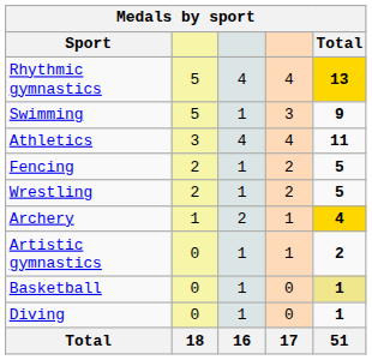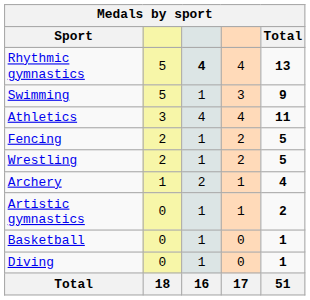 <table class="wikitable" style="font-size:90%; text-align:center;">
 <tr>
 <th colspan=5>Medals by sport</th>
 </tr>
 <tr>
 <th width=120>Sport</th>
 <th scope="col" width=30 style="background:#F7F6A8;"></th>
 <th scope="col" width=30 style="background:#DCE5E5;"></th>
 <th scope="col" width=30 style="background:#FFDAB9;"></th>
 <th width=30>Total</th>
 </tr>
 <tr>
 <td align=left><a href='#'>Rhythmic gymnastics</a></td>
 <td style="background:#F7F6A8;">5</td>
-<td style="background:#DCE5E5;">4</td>
+<td style="background:#DCE5E5;"><strong>4</strong></td>
 <td style="background:#FFDAB9;">4</td>
-<td style="background: gold;"><strong>13</strong></td>
+<td><strong>13</strong></td>
 </tr>
 <tr>
 <td align=left><a href='#'>Swimming</a></td>
 <td style="background:#F7F6A8;">5</td>
 <td style="background:#DCE5E5;">1</td>
 <td style="background:#FFDAB9;">3</td>
 <td><strong>9</strong></td>
 </tr>
 <tr>
 <td align=left><a href='#'>Athletics</a></td>
 <td style="background:#F7F6A8;">3</td>
 <td style="background:#DCE5E5;">4</td>
 <td style="background:#FFDAB9;">4</td>
 <td><strong>11</strong></td>
 </tr>
 <tr>
 <td align=left><a href='#'>Fencing</a></td>
 <td style="background:#F7F6A8;">2</td>
 <td style="background:#DCE5E5;">1</td>
 <td style="background:#FFDAB9;">2</td>
 <td><strong>5</strong></td>
 </tr>
 <tr>
 <td align=left><a href='#'>Wrestling</a></td>
 <td style="background:#F7F6A8;">2</td>
 <td style="background:#DCE5E5;">1</td>
 <td style="background:#FFDAB9;">2</td>
 <td><strong>5</strong></td>
 </tr>
 <tr>
 <td align=left><a href='#'>Archery</a></td>
 <td style="background:#F7F6A8;">1</td>
 <td style="background:#DCE5E5;">2</td>
 <td style="background:#FFDAB9;">1</td>
-<td style="background: gold;"><strong>4</strong></td>
+<td><strong>4</strong></td>
 </tr>
 <tr>
 <td align=left><a href='#'>Artistic gymnastics</a></td>
 <td style="background:#F7F6A8;">0</td>
 <td style="background:#DCE5E5;">1</td>
 <td style="background:#FFDAB9;">1</td>
 <td><strong>2</strong></td>
 </tr>
 <tr>
 <td align=left><a href='#'>Basketball</a></td>
 <td style="background:#F7F6A8;">0</td>
 <td style="background:#DCE5E5;">1</td>
 <td style="background:#FFDAB9;">0</td>
-<td style="background: khaki;"><strong>1</strong></td>
+<td><strong>1</strong></td>
 </tr>
 <tr>
 <td align=left><a href='#'>Diving</a></td>
 <td style="background:#F7F6A8;">0</td>
 <td style="background:#DCE5E5;">1</td>
 <td style="background:#FFDAB9;">0</td>
 <td><strong>1</strong></td>
 </tr>
 <tr class="sortbottom">
 <th>Total</th>
 <th>18</th>
 <th>16</th>
 <th>17</th>
 <th>51</th>
 </tr>
 </table>
